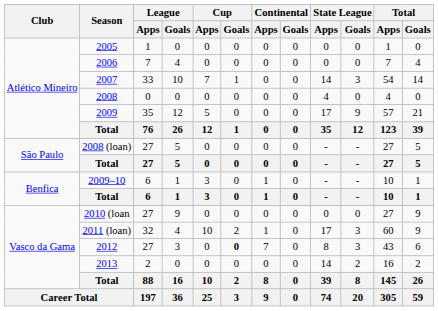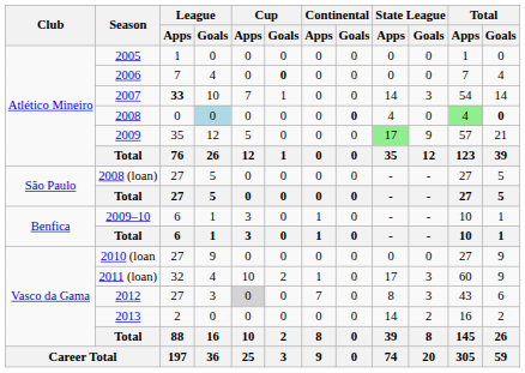 <table class="wikitable" style="text-align: center;">
 <tr>
 <th rowspan="2">Club</th>
 <th rowspan="2">Season</th>
 <th colspan="2">League</th>
 <th colspan="2">Cup</th>
 <th colspan="2">Continental</th>
 <th colspan="2">State League</th>
 <th colspan="2">Total</th>
 </tr>
 <tr>
 <th>Apps</th>
 <th>Goals</th>
 <th>Apps</th>
 <th>Goals</th>
 <th>Apps</th>
 <th>Goals</th>
 <th>Apps</th>
 <th>Goals</th>
 <th>Apps</th>
 <th>Goals</th>
 </tr>
 <tr>
 <td rowspan="6"><a href='#'>Atlético Mineiro</a></td>
 <td><a href='#'>2005</a></td>
 <td>1</td>
 <td>0</td>
 <td>0</td>
 <td>0</td>
 <td>0</td>
 <td>0</td>
 <td>0</td>
 <td>0</td>
 <td>1</td>
 <td>0</td>
 </tr>
 <tr>
 <td><a href='#'>2006</a></td>
 <td>7</td>
 <td>4</td>
 <td>0</td>
-<td>0</td>
+<td><strong>0</strong></td>
 <td>0</td>
 <td>0</td>
 <td>0</td>
 <td>0</td>
 <td>7</td>
 <td>4</td>
 </tr>
 <tr>
 <td><a href='#'>2007</a></td>
-<td>33</td>
+<td><strong>33</strong></td>
 <td>10</td>
 <td>7</td>
 <td>1</td>
 <td>0</td>
 <td>0</td>
 <td>14</td>
 <td>3</td>
 <td>54</td>
 <td>14</td>
 </tr>
 <tr>
 <td><a href='#'>2008</a></td>
 <td>0</td>
+<td style="background: lightblue;">0</td>
 <td>0</td>
 <td>0</td>
 <td>0</td>
-<td>0</td>
-<td>0</td>
+<td><strong>0</strong></td>
 <td>4</td>
 <td>0</td>
-<td>4</td>
-<td>0</td>
+<td style="background: lightgreen;">4</td>
+<td><strong>0</strong></td>
 </tr>
 <tr>
 <td><a href='#'>2009</a></td>
 <td>35</td>
 <td>12</td>
 <td>5</td>
 <td>0</td>
 <td>0</td>
 <td>0</td>
-<td>17</td>
+<td style="background: lightgreen;">17</td>
 <td>9</td>
 <td>57</td>
 <td>21</td>
 </tr>
 <tr>
 <th>Total</th>
 <th>76</th>
 <th>26</th>
 <th>12</th>
 <th>1</th>
 <th>0</th>
 <th>0</th>
 <th>35</th>
 <th>12</th>
 <th>123</th>
 <th>39</th>
 </tr>
 <tr>
 <td rowspan="2"><a href='#'>São Paulo</a></td>
 <td><a href='#'>2008</a> (loan)</td>
 <td>27</td>
 <td>5</td>
 <td>0</td>
 <td>0</td>
 <td>0</td>
 <td>0</td>
 <td>-</td>
 <td>-</td>
 <td>27</td>
 <td>5</td>
 </tr>
 <tr>
 <th>Total</th>
 <th>27</th>
 <th>5</th>
 <th>0</th>
 <th>0</th>
 <th>0</th>
 <th>0</th>
 <th>-</th>
 <th>-</th>
 <th>27</th>
 <th>5</th>
 </tr>
 <tr>
 <td rowspan="2"><a href='#'>Benfica</a></td>
 <td><a href='#'>2009–10</a></td>
 <td>6</td>
 <td>1</td>
 <td>3</td>
 <td>0</td>
 <td>1</td>
 <td>0</td>
 <td>-</td>
 <td>-</td>
 <td>10</td>
 <td>1</td>
 </tr>
 <tr>
 <th>Total</th>
 <th>6</th>
 <th>1</th>
 <th>3</th>
 <th>0</th>
 <th>1</th>
 <th>0</th>
 <th>-</th>
 <th>-</th>
 <th>10</th>
 <th>1</th>
 </tr>
 <tr>
 <td rowspan="5"><a href='#'>Vasco da Gama</a></td>
 <td><a href='#'>2010</a> (loan</td>
 <td>27</td>
 <td>9</td>
 <td>0</td>
 <td>0</td>
 <td>0</td>
 <td>0</td>
 <td>0</td>
 <td>0</td>
 <td>27</td>
 <td>9</td>
 </tr>
 <tr>
 <td><a href='#'>2011</a> (loan)</td>
 <td>32</td>
 <td>4</td>
 <td>10</td>
 <td>2</td>
 <td>1</td>
 <td>0</td>
 <td>17</td>
 <td>3</td>
 <td>60</td>
 <td>9</td>
 </tr>
 <tr>
 <td><a href='#'>2012</a></td>
 <td>27</td>
 <td>3</td>
+<td style="background: lightgrey;">0</td>
 <td>0</td>
-<td><strong>0</strong></td>
 <td>7</td>
 <td>0</td>
 <td>8</td>
 <td>3</td>
 <td>43</td>
 <td>6</td>
 </tr>
 <tr>
 <td><a href='#'>2013</a></td>
 <td>2</td>
 <td>0</td>
 <td>0</td>
 <td>0</td>
 <td>0</td>
 <td>0</td>
 <td>14</td>
 <td>2</td>
 <td>16</td>
 <td>2</td>
 </tr>
 <tr>
 <th>Total</th>
 <th>88</th>
 <th>16</th>
 <th>10</th>
 <th>2</th>
 <th>8</th>
 <th>0</th>
 <th>39</th>
 <th>8</th>
 <th>145</th>
 <th>26</th>
 </tr>
 <tr>
 <th colspan="2">Career Total</th>
 <th>197</th>
 <th>36</th>
 <th>25</th>
 <th>3</th>
 <th>9</th>
 <th>0</th>
 <th>74</th>
 <th>20</th>
 <th>305</th>
 <th>59</th>
 </tr>
 </table>
